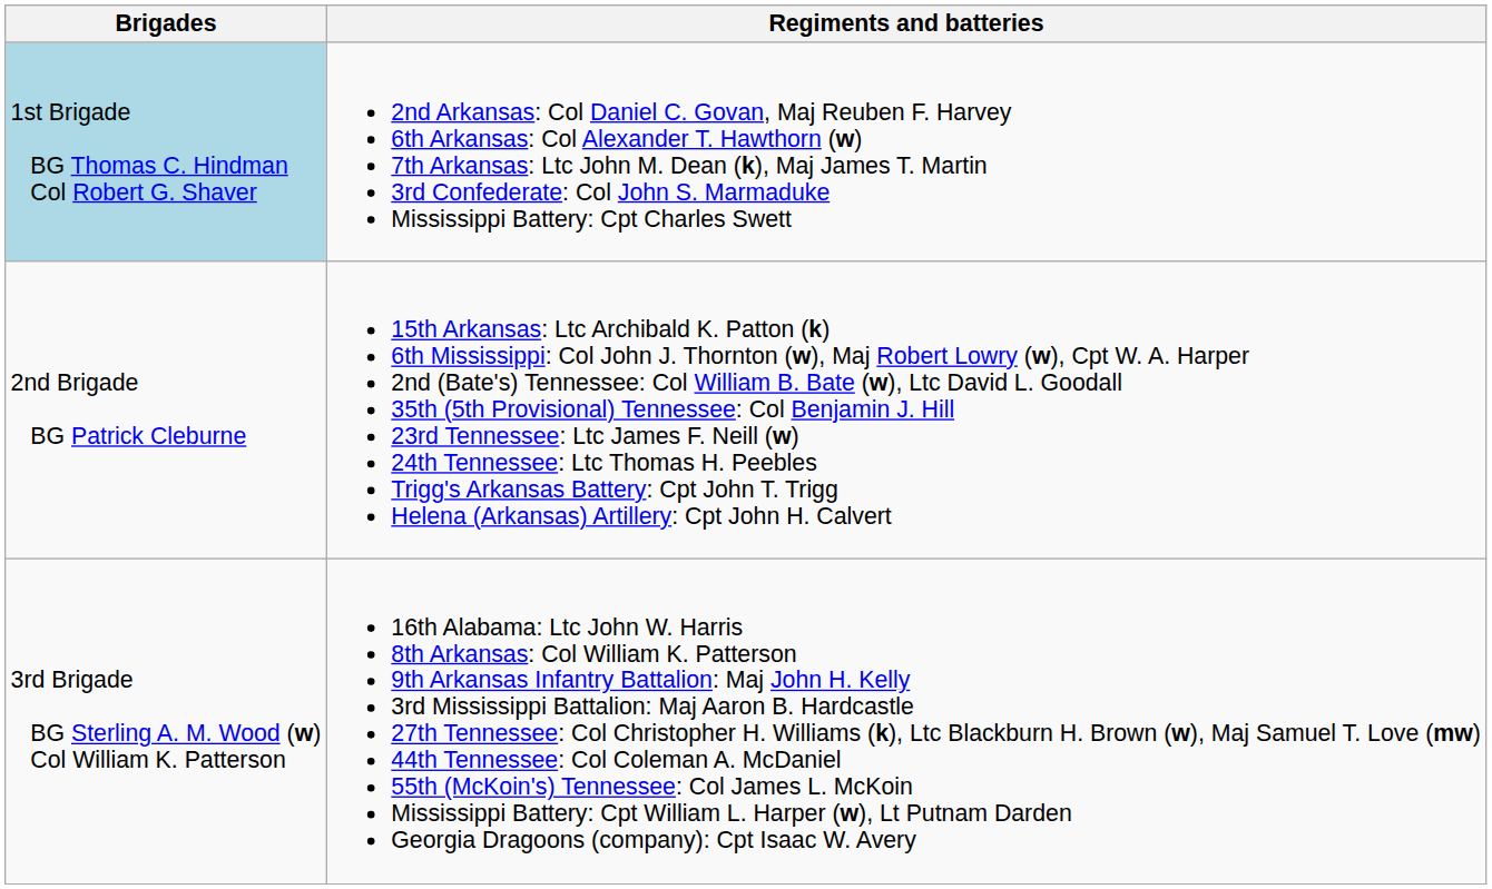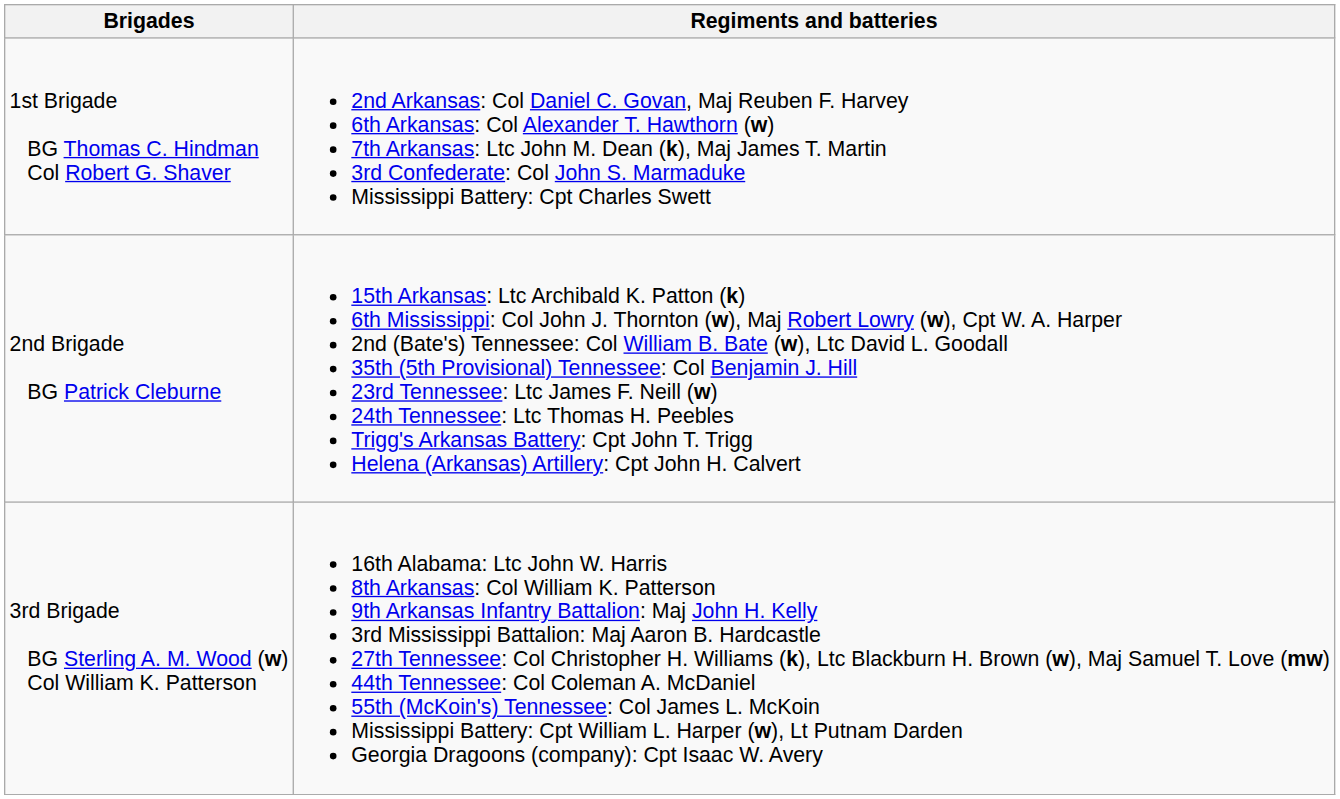 <table class="wikitable">
 <tr>
 <th><strong>Brigades</strong></th>
 <th><strong>Regiments and batteries</strong></th>
 </tr>
 <tr>
-<td style="background: lightblue;">1st Brigade<br><br>   BG <a href='#'>Thomas C. Hindman</a> <br>   Col <a href='#'>Robert G. Shaver</a></td>
+<td>1st Brigade<br><br>   BG <a href='#'>Thomas C. Hindman</a> <br>   Col <a href='#'>Robert G. Shaver</a></td>
 <td><br><ul><li><a href='#'>2nd Arkansas</a>: Col <a href='#'>Daniel C. Govan</a>, Maj Reuben F. Harvey</li><li><a href='#'>6th Arkansas</a>: Col <a href='#'>Alexander T. Hawthorn</a> (<strong>w</strong>)</li><li><a href='#'>7th Arkansas</a>: Ltc John M. Dean (<strong>k</strong>), Maj James T. Martin</li><li><a href='#'>3rd Confederate</a>: Col <a href='#'>John S. Marmaduke</a></li><li>Mississippi Battery: Cpt Charles Swett</li></ul></td>
 </tr>
 <tr>
 <td>2nd Brigade<br><br>   BG <a href='#'>Patrick Cleburne</a></td>
 <td><br><ul><li><a href='#'>15th Arkansas</a>: Ltc Archibald K. Patton (<strong>k</strong>)</li><li><a href='#'>6th Mississippi</a>: Col John J. Thornton (<strong>w</strong>), Maj <a href='#'>Robert Lowry</a> (<strong>w</strong>), Cpt W. A. Harper</li><li>2nd (Bate's) Tennessee: Col <a href='#'>William B. Bate</a> (<strong>w</strong>), Ltc David L. Goodall</li><li><a href='#'>35th (5th Provisional) Tennessee</a>: Col <a href='#'>Benjamin J. Hill</a></li><li><a href='#'>23rd Tennessee</a>: Ltc James F. Neill (<strong>w</strong>)</li><li><a href='#'>24th Tennessee</a>: Ltc Thomas H. Peebles</li><li><a href='#'>Trigg's Arkansas Battery</a>: Cpt John T. Trigg</li><li><a href='#'>Helena (Arkansas) Artillery</a>: Cpt John H. Calvert</li></ul></td>
 </tr>
 <tr>
 <td>3rd Brigade<br><br>   BG <a href='#'>Sterling A. M. Wood</a> (<strong>w</strong>) <br>   Col William K. Patterson</td>
 <td><br><ul><li>16th Alabama: Ltc John W. Harris</li><li><a href='#'>8th Arkansas</a>: Col William K. Patterson</li><li><a href='#'>9th Arkansas Infantry Battalion</a>: Maj <a href='#'>John H. Kelly</a></li><li>3rd Mississippi Battalion: Maj Aaron B. Hardcastle</li><li><a href='#'>27th Tennessee</a>: Col Christopher H. Williams (<strong>k</strong>), Ltc Blackburn H. Brown (<strong>w</strong>), Maj Samuel T. Love (<strong>mw</strong>)</li><li><a href='#'>44th Tennessee</a>: Col Coleman A. McDaniel</li><li><a href='#'>55th (McKoin's) Tennessee</a>: Col James L. McKoin</li><li>Mississippi Battery: Cpt William L. Harper (<strong>w</strong>), Lt Putnam Darden</li><li>Georgia Dragoons (company): Cpt Isaac W. Avery</li></ul></td>
 </tr>
 </table>
